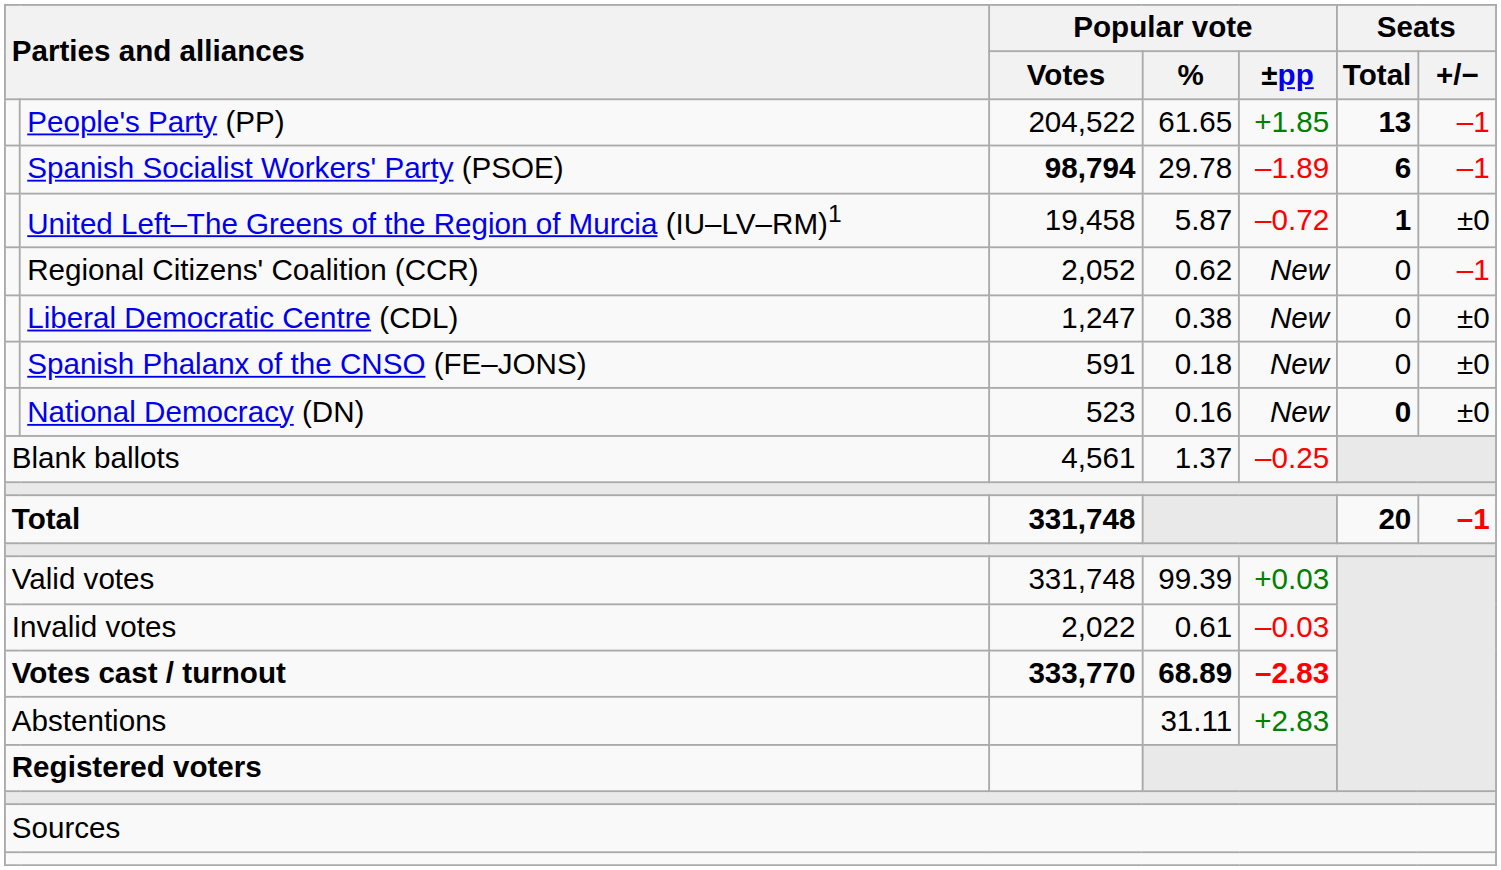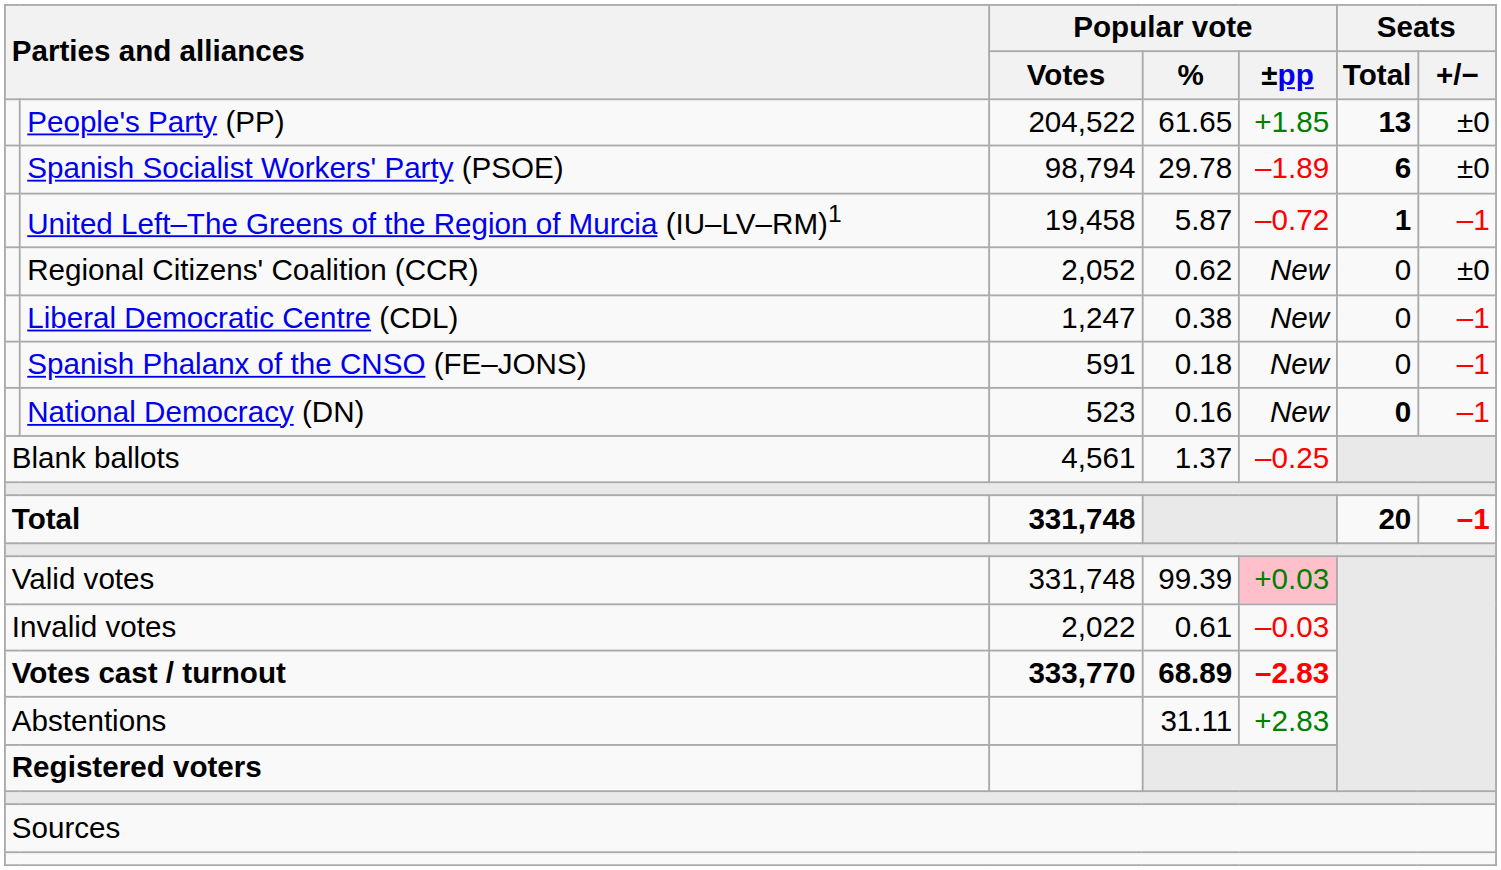 <table class="wikitable" style="text-align:right;">
 <tr>
 <th style="text-align:left;" rowspan="2" colspan="2" width="525">Parties and alliances</th>
 <th colspan="3">Popular vote</th>
 <th colspan="2">Seats</th>
 </tr>
 <tr>
 <th width="75">Votes</th>
 <th width="45">%</th>
 <th width="45">±<a href='#'>pp</a></th>
 <th width="35">Total</th>
 <th width="35">+/−</th>
 </tr>
 <tr>
 <td width="1" style="color:inherit;background:"></td>
 <td align="left"><a href='#'>People's Party</a> (PP)</td>
 <td>204,522</td>
 <td>61.65</td>
 <td style="color:green;">+1.85</td>
 <td><strong>13</strong></td>
-<td style="color:red;">–1</td>
+<td>±0</td>
 </tr>
 <tr>
 <td style="color:inherit;background:"></td>
 <td align="left"><a href='#'>Spanish Socialist Workers' Party</a> (PSOE)</td>
-<td><strong>98,794</strong></td>
+<td>98,794</td>
 <td>29.78</td>
 <td style="color:red;">–1.89</td>
 <td><strong>6</strong></td>
-<td style="color:red;">–1</td>
+<td>±0</td>
 </tr>
 <tr>
 <td style="color:inherit;background:"></td>
 <td align="left"><a href='#'>United Left–The Greens of the Region of Murcia</a> (IU–LV–RM)<sup>1</sup></td>
 <td>19,458</td>
 <td>5.87</td>
 <td style="color:red;">–0.72</td>
 <td><strong>1</strong></td>
-<td>±0</td>
+<td style="color:red;">–1</td>
 </tr>
 <tr>
 <td style="color:inherit;background:"></td>
 <td align="left">Regional Citizens' Coalition (CCR)</td>
 <td>2,052</td>
 <td>0.62</td>
 <td><em>New</em></td>
 <td>0</td>
-<td style="color:red;">–1</td>
+<td>±0</td>
 </tr>
 <tr>
 <td style="color:inherit;background:"></td>
 <td align="left"><a href='#'>Liberal Democratic Centre</a> (CDL)</td>
 <td>1,247</td>
 <td>0.38</td>
 <td><em>New</em></td>
 <td>0</td>
-<td>±0</td>
+<td style="color:red;">–1</td>
 </tr>
 <tr>
 <td style="color:inherit;background:"></td>
 <td align="left"><a href='#'>Spanish Phalanx of the CNSO</a> (FE–JONS)</td>
 <td>591</td>
 <td>0.18</td>
 <td><em>New</em></td>
 <td>0</td>
-<td>±0</td>
+<td style="color:red;">–1</td>
 </tr>
 <tr>
 <td style="color:inherit;background:"></td>
 <td align="left"><a href='#'>National Democracy</a> (DN)</td>
 <td>523</td>
 <td>0.16</td>
 <td><em>New</em></td>
 <td><strong>0</strong></td>
-<td>±0</td>
+<td style="color:red;">–1</td>
 </tr>
 <tr>
 <td align="left" colspan="2">Blank ballots</td>
 <td>4,561</td>
 <td>1.37</td>
 <td style="color:red;">–0.25</td>
 <td bgcolor="#E9E9E9" colspan="2"></td>
 </tr>
 <tr>
 <td colspan="7" bgcolor="#E9E9E9"></td>
 </tr>
 <tr style="font-weight:bold;">
 <td align="left" colspan="2">Total</td>
 <td>331,748</td>
 <td bgcolor="#E9E9E9" colspan="2"></td>
 <td>20</td>
 <td style="color:red;">–1</td>
 </tr>
 <tr>
 <td colspan="7" bgcolor="#E9E9E9"></td>
 </tr>
 <tr>
 <td align="left" colspan="2">Valid votes</td>
 <td>331,748</td>
 <td>99.39</td>
-<td style="color:green;">+0.03</td>
+<td style="background: pink; color:green;">+0.03</td>
 <td bgcolor="#E9E9E9" colspan="2" rowspan="5"></td>
 </tr>
 <tr>
 <td align="left" colspan="2">Invalid votes</td>
 <td>2,022</td>
 <td>0.61</td>
 <td style="color:red;">–0.03</td>
 </tr>
 <tr style="font-weight:bold;">
 <td align="left" colspan="2">Votes cast / turnout</td>
 <td>333,770</td>
 <td>68.89</td>
 <td style="color:red;">–2.83</td>
 </tr>
 <tr>
 <td align="left" colspan="2">Abstentions</td>
 <td></td>
 <td>31.11</td>
 <td style="color:green;">+2.83</td>
 </tr>
 <tr style="font-weight:bold;">
 <td align="left" colspan="2">Registered voters</td>
 <td></td>
 <td bgcolor="#E9E9E9" colspan="2"></td>
 </tr>
 <tr>
 <td colspan="7" bgcolor="#E9E9E9"></td>
 </tr>
 <tr>
 <td align="left" colspan="7">Sources</td>
 </tr>
 <tr>
 <td colspan="7" style="text-align:left; max-width:790px;"></td>
 </tr>
 </table>
